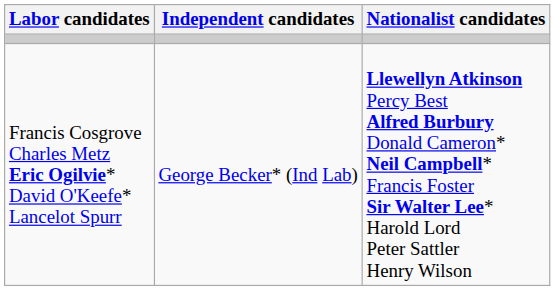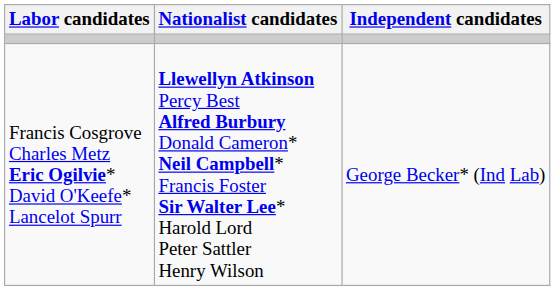 <table class="wikitable">
 <tr>
 <th><a href='#'>Labor</a> candidates</th>
+<th><a href='#'>Nationalist</a> candidates</th>
 <th><a href='#'>Independent</a> candidates</th>
-<th><a href='#'>Nationalist</a> candidates</th>
 </tr>
 <tr bgcolor="#cccccc">
 <td></td>
 <td></td>
 <td></td>
 </tr>
 <tr>
 <td><br>Francis Cosgrove<br> <a href='#'>Charles Metz</a><br> <strong><a href='#'>Eric Ogilvie</a></strong>*<br> <a href='#'>David O'Keefe</a>*<br> <a href='#'>Lancelot Spurr</a></td>
+<td><br><strong><a href='#'>Llewellyn Atkinson</a></strong><br> <a href='#'>Percy Best</a><br> <strong><a href='#'>Alfred Burbury</a></strong><br> <a href='#'>Donald Cameron</a>*<br> <strong><a href='#'>Neil Campbell</a></strong>*<br> <a href='#'>Francis Foster</a><br> <strong><a href='#'>Sir Walter Lee</a></strong>*<br> Harold Lord<br> Peter Sattler<br> Henry Wilson</td>
 <td><br><a href='#'>George Becker</a>* (<a href='#'>Ind</a> <a href='#'>Lab</a>)</td>
-<td><br><strong><a href='#'>Llewellyn Atkinson</a></strong><br> <a href='#'>Percy Best</a><br> <strong><a href='#'>Alfred Burbury</a></strong><br> <a href='#'>Donald Cameron</a>*<br> <strong><a href='#'>Neil Campbell</a></strong>*<br> <a href='#'>Francis Foster</a><br> <strong><a href='#'>Sir Walter Lee</a></strong>*<br> Harold Lord<br> Peter Sattler<br> Henry Wilson</td>
 </tr>
 </table>
